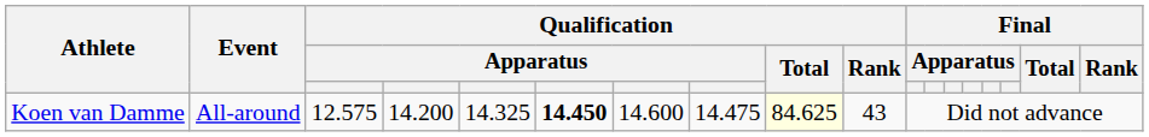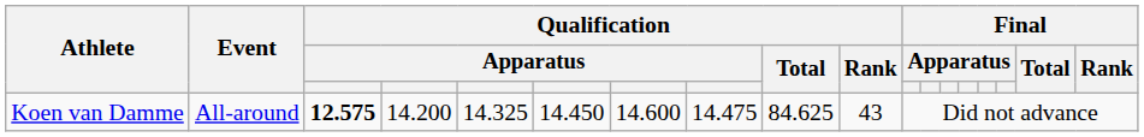 <table class="wikitable" style="font-size:90%">
 <tr>
 <th rowspan=3>Athlete</th>
 <th rowspan=3>Event</th>
 <th colspan =8>Qualification</th>
 <th colspan =8>Final</th>
 </tr>
 <tr style="font-size:95%">
 <th colspan=6>Apparatus</th>
 <th rowspan=2>Total</th>
 <th rowspan=2>Rank</th>
 <th colspan=6>Apparatus</th>
 <th rowspan=2>Total</th>
 <th rowspan=2>Rank</th>
 </tr>
 <tr style="font-size:95%">
 <th></th>
 <th></th>
 <th></th>
 <th></th>
 <th></th>
 <th></th>
 <th></th>
 <th></th>
 <th></th>
 <th></th>
 <th></th>
 <th></th>
 </tr>
 <tr align=center>
 <td align=left><a href='#'>Koen van Damme</a></td>
 <td align=left><a href='#'>All-around</a></td>
-<td>12.575</td>
+<td><strong>12.575</strong></td>
 <td>14.200</td>
 <td>14.325</td>
-<td><strong>14.450</strong></td>
+<td>14.450</td>
 <td>14.600</td>
 <td>14.475</td>
-<td style="background: lightyellow;">84.625</td>
+<td>84.625</td>
 <td>43</td>
 <td colspan=8>Did not advance</td>
 </tr>
 </table>
